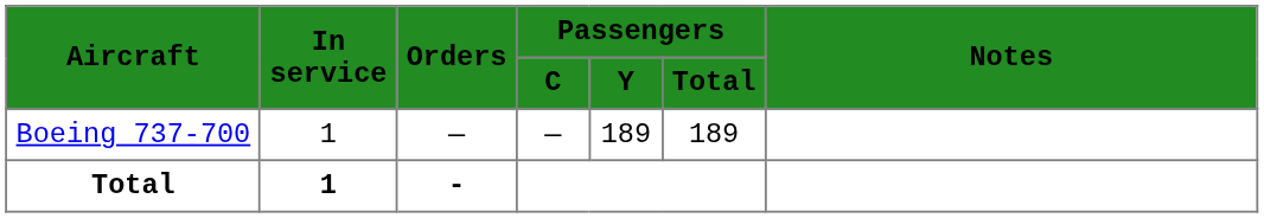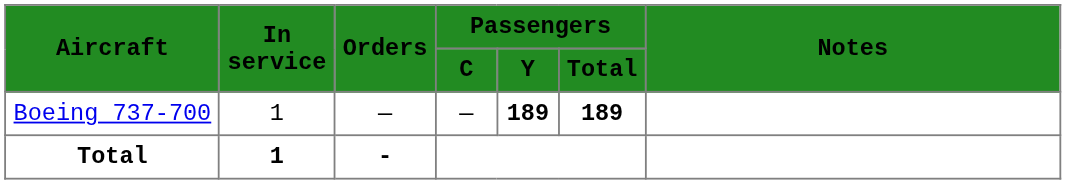 <table class="toccolours" border="1" cellpadding="4" style="margin:1em auto; border-collapse:collapse;text-align:center">
 <tr style="background:#228B22;">
 <th rowspan="2"><span>Aircraft</span></th>
 <th rowspan="2" style="width:30px;"><span>In service</span></th>
 <th rowspan="2" style="width:30px;"><span>Orders</span></th>
 <th colspan="3" class="unsortable"><span>Passengers</span></th>
 <th rowspan="2" style="width:220px;"><span>Notes</span></th>
 </tr>
 <tr style="background:#228B22;">
 <th style="width:25px;"><abbr><span>C</span></abbr></th>
 <th style="width:25px;"><abbr><span>Y</span></abbr></th>
 <th style="width:25px;"><abbr><span>Total</span></abbr></th>
 </tr>
 <tr>
 <td><a href='#'>Boeing 737-700</a></td>
 <td>1</td>
 <td>—</td>
 <td>—</td>
-<td>189</td>
-<td>189</td>
+<td><strong>189</strong></td>
+<td><strong>189</strong></td>
 <td></td>
 </tr>
 <tr>
 <th>Total</th>
 <th>1</th>
 <th>-</th>
 <td colspan="3"></td>
 <td></td>
 </tr>
 </table>
